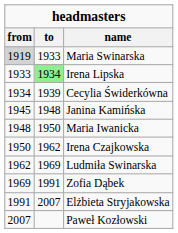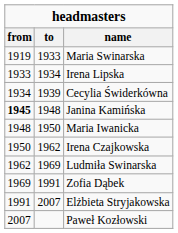 <table class=wikitable style="text-align:left; font-size:11px; float:left; margin:5px">
 <tr style="font-size: small;">
 <td colspan="12" style="text-align:center;"><strong>headmasters</strong></td>
 </tr>
 <tr>
 <th>from</th>
 <th>to</th>
 <th>name</th>
 </tr>
 <tr>
-<td style="background: lightgrey;">1919</td>
+<td>1919</td>
 <td>1933</td>
 <td>Maria Swinarska</td>
 </tr>
 <tr>
 <td>1933</td>
-<td style="background: lightgreen;">1934</td>
+<td>1934</td>
 <td>Irena Lipska</td>
 </tr>
 <tr>
 <td>1934</td>
 <td>1939</td>
 <td>Cecylia Świderkówna</td>
 </tr>
 <tr>
-<td>1945</td>
+<td><strong>1945</strong></td>
 <td>1948</td>
 <td>Janina Kamińska</td>
 </tr>
 <tr>
 <td>1948</td>
 <td>1950</td>
 <td>Maria Iwanicka</td>
 </tr>
 <tr>
 <td>1950</td>
 <td>1962</td>
 <td>Irena Czajkowska</td>
 </tr>
 <tr>
 <td>1962</td>
 <td>1969</td>
 <td>Ludmiła Swinarska</td>
 </tr>
 <tr>
 <td>1969</td>
 <td>1991</td>
 <td>Zofia Dąbek</td>
 </tr>
 <tr>
 <td>1991</td>
 <td>2007</td>
 <td>Elżbieta Stryjakowska</td>
 </tr>
 <tr>
 <td>2007</td>
 <td></td>
 <td>Paweł Kozłowski</td>
 </tr>
 </table>
